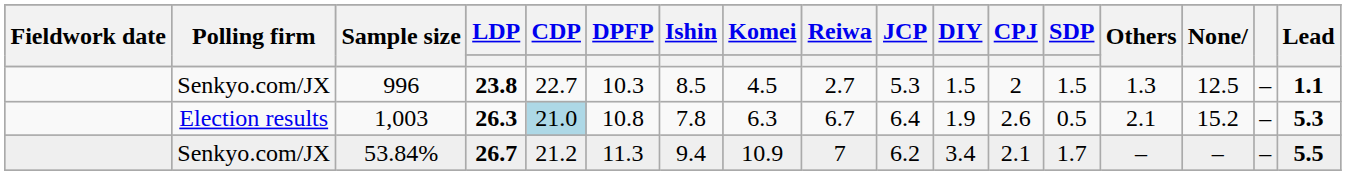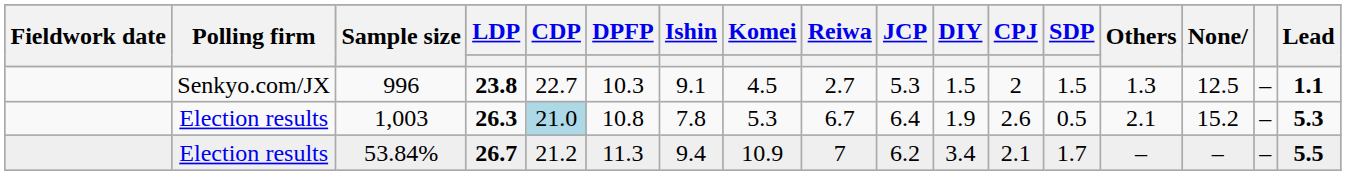 <table class="wikitable mw-datatable sortable mw-collapsible" style="text-align:center;font-size:90%;line-height:14px;">
 <tr style="height:30px; background-color:#8B8B8B">
 <th rowspan="2">Fieldwork date</th>
 <th rowspan="2">Polling firm</th>
 <th class="unsortable" rowspan="2">Sample size</th>
 <th class="unsortable"><a href='#'>LDP</a></th>
 <th class="unsortable"><a href='#'>CDP</a></th>
 <th class="unsortable"><a href='#'>DPFP</a></th>
 <th class="unsortable"><a href='#'>Ishin</a></th>
 <th class="unsortable"><a href='#'>Komei</a></th>
 <th class="unsortable"><a href='#'>Reiwa</a></th>
 <th class="unsortable"><a href='#'>JCP</a></th>
 <th class="unsortable"><a href='#'>DIY</a></th>
 <th class="unsortable"><a href='#'>CPJ</a></th>
 <th class="unsortable"><a href='#'>SDP</a></th>
 <th class="unsortable" rowspan="2">Others</th>
 <th class="unsortable" rowspan="2">None/</th>
 <th class="unsortable" rowspan="2"></th>
 <th class="unsortable" rowspan="2">Lead</th>
 </tr>
 <tr>
 <th data-sort-type="number" style="background:"></th>
 <th data-sort-type="number" style="background:"></th>
 <th data-sort-type="number" style="background:"></th>
 <th data-sort-type="number" style="background:"></th>
 <th data-sort-type="number" style="background:"></th>
 <th data-sort-type="number" style="background:"></th>
 <th data-sort-type="number" style="background:"></th>
 <th data-sort-type="number" style="background:"></th>
 <th data-sort-type="number" style="background:"></th>
 <th data-sort-type="number" style="background:"></th>
 </tr>
 <tr>
 <td></td>
 <td>Senkyo.com/JX</td>
 <td>996</td>
 <td><strong>23.8</strong></td>
 <td>22.7</td>
 <td>10.3</td>
-<td>8.5</td>
+<td>9.1</td>
 <td>4.5</td>
 <td>2.7</td>
 <td>5.3</td>
 <td>1.5</td>
 <td>2</td>
 <td>1.5</td>
 <td>1.3</td>
 <td>12.5</td>
 <td>–</td>
 <td style="background:"><strong>1.1</strong></td>
 </tr>
 <tr>
 <td></td>
 <td><a href='#'>Election results</a></td>
 <td>1,003</td>
 <td><strong>26.3</strong></td>
 <td style="background: lightblue;">21.0</td>
 <td>10.8</td>
 <td>7.8</td>
-<td>6.3</td>
+<td>5.3</td>
 <td>6.7</td>
 <td>6.4</td>
 <td>1.9</td>
 <td>2.6</td>
 <td>0.5</td>
 <td>2.1</td>
 <td>15.2</td>
 <td>–</td>
 <td style="background:"><strong>5.3</strong></td>
 </tr>
 <tr style="background:#EFEFEF;">
 <td></td>
-<td>Senkyo.com/JX</td>
+<td><a href='#'>Election results</a></td>
 <td>53.84%</td>
 <td><strong>26.7</strong></td>
 <td>21.2</td>
 <td>11.3</td>
 <td>9.4</td>
 <td>10.9</td>
 <td>7</td>
 <td>6.2</td>
 <td>3.4</td>
 <td>2.1</td>
 <td>1.7</td>
 <td>–</td>
 <td>–</td>
 <td>–</td>
 <td style="background:"><strong>5.5</strong></td>
 </tr>
 </table>
